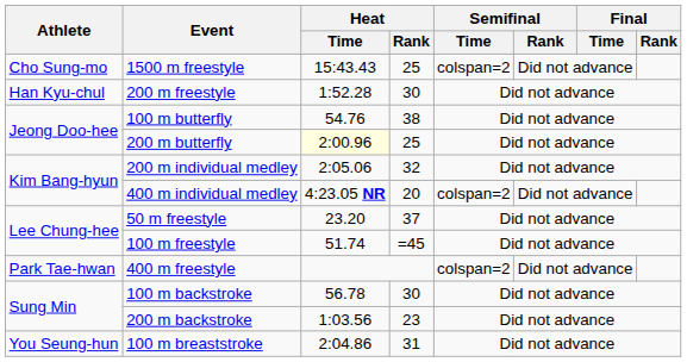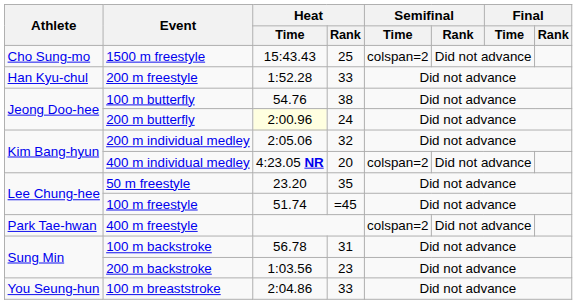 <table class=wikitable style="font-size:90%">
 <tr>
 <th rowspan="2">Athlete</th>
 <th rowspan="2">Event</th>
 <th colspan="2">Heat</th>
 <th colspan="2">Semifinal</th>
 <th colspan="2">Final</th>
 </tr>
 <tr style="font-size:95%">
 <th>Time</th>
 <th>Rank</th>
 <th>Time</th>
 <th>Rank</th>
 <th>Time</th>
 <th>Rank</th>
 </tr>
 <tr align=center>
 <td align=left><a href='#'>Cho Sung-mo</a></td>
 <td align=left><a href='#'>1500 m freestyle</a></td>
 <td>15:43.43</td>
 <td>25</td>
 <td>colspan=2 </td>
 <td colspan=2>Did not advance</td>
 </tr>
 <tr align=center>
 <td align=left><a href='#'>Han Kyu-chul</a></td>
 <td align=left><a href='#'>200 m freestyle</a></td>
 <td>1:52.28</td>
-<td>30</td>
+<td>33</td>
 <td colspan=4>Did not advance</td>
 </tr>
 <tr align=center>
 <td align=left rowspan=2><a href='#'>Jeong Doo-hee</a></td>
 <td align=left><a href='#'>100 m butterfly</a></td>
 <td>54.76</td>
 <td>38</td>
 <td colspan=4>Did not advance</td>
 </tr>
 <tr align=center>
 <td align=left><a href='#'>200 m butterfly</a></td>
 <td style="background: lightyellow;">2:00.96</td>
-<td>25</td>
+<td>24</td>
 <td colspan=4>Did not advance</td>
 </tr>
 <tr align=center>
 <td align=left rowspan=2><a href='#'>Kim Bang-hyun</a></td>
 <td align=left><a href='#'>200 m individual medley</a></td>
 <td>2:05.06</td>
 <td>32</td>
 <td colspan=4>Did not advance</td>
 </tr>
 <tr align=center>
 <td align=left><a href='#'>400 m individual medley</a></td>
 <td>4:23.05 <strong><a href='#'>NR</a></strong></td>
 <td>20</td>
 <td>colspan=2 </td>
 <td colspan=2>Did not advance</td>
 </tr>
 <tr align=center>
 <td align=left rowspan=2><a href='#'>Lee Chung-hee</a></td>
 <td align=left><a href='#'>50 m freestyle</a></td>
 <td>23.20</td>
-<td>37</td>
+<td>35</td>
 <td colspan=4>Did not advance</td>
 </tr>
 <tr align=center>
 <td align=left><a href='#'>100 m freestyle</a></td>
 <td>51.74</td>
 <td>=45</td>
 <td colspan=4>Did not advance</td>
 </tr>
 <tr align=center>
 <td align=left><a href='#'>Park Tae-hwan</a></td>
 <td align=left><a href='#'>400 m freestyle</a></td>
 <td colspan=2></td>
 <td>colspan=2 </td>
 <td colspan=2>Did not advance</td>
 </tr>
 <tr align=center>
 <td align=left rowspan=2><a href='#'>Sung Min</a></td>
 <td align=left><a href='#'>100 m backstroke</a></td>
 <td>56.78</td>
-<td>30</td>
+<td>31</td>
 <td colspan=4>Did not advance</td>
 </tr>
 <tr align=center>
 <td align=left><a href='#'>200 m backstroke</a></td>
 <td>1:03.56</td>
 <td>23</td>
 <td colspan=4>Did not advance</td>
 </tr>
 <tr align=center>
 <td align=left><a href='#'>You Seung-hun</a></td>
 <td align=left><a href='#'>100 m breaststroke</a></td>
 <td>2:04.86</td>
-<td>31</td>
+<td>33</td>
 <td colspan=4>Did not advance</td>
 </tr>
 </table>
